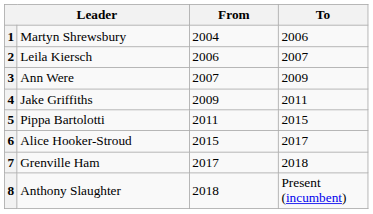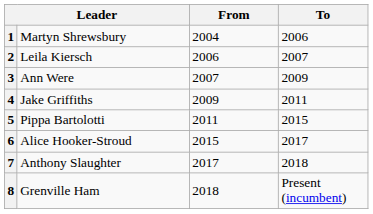 <table class="wikitable">
 <tr>
 <th colspan=2>Leader</th>
 <th>From</th>
 <th>To</th>
 </tr>
 <tr>
 <th style="background:">1</th>
 <td style="width:200px;">Martyn Shrewsbury</td>
 <td style="width:100px;">2004</td>
 <td style="width:100px;">2006</td>
 </tr>
 <tr>
 <th style="background:">2</th>
 <td>Leila Kiersch</td>
 <td>2006</td>
 <td>2007</td>
 </tr>
 <tr>
 <th style="background:">3</th>
 <td>Ann Were</td>
 <td>2007</td>
 <td>2009</td>
 </tr>
 <tr>
 <th style="background:">4</th>
 <td>Jake Griffiths</td>
 <td>2009</td>
 <td>2011</td>
 </tr>
 <tr>
 <th style="background:">5</th>
 <td>Pippa Bartolotti</td>
 <td>2011</td>
 <td>2015</td>
 </tr>
 <tr>
 <th style="background:">6</th>
 <td>Alice Hooker-Stroud</td>
 <td>2015</td>
 <td>2017</td>
 </tr>
 <tr>
 <th style="background:">7</th>
-<td>Grenville Ham</td>
+<td>Anthony Slaughter</td>
 <td>2017</td>
 <td>2018</td>
 </tr>
 <tr>
 <th style="background:">8</th>
-<td>Anthony Slaughter</td>
+<td>Grenville Ham</td>
 <td>2018</td>
 <td>Present (<a href='#'>incumbent</a>)</td>
 </tr>
 </table>
